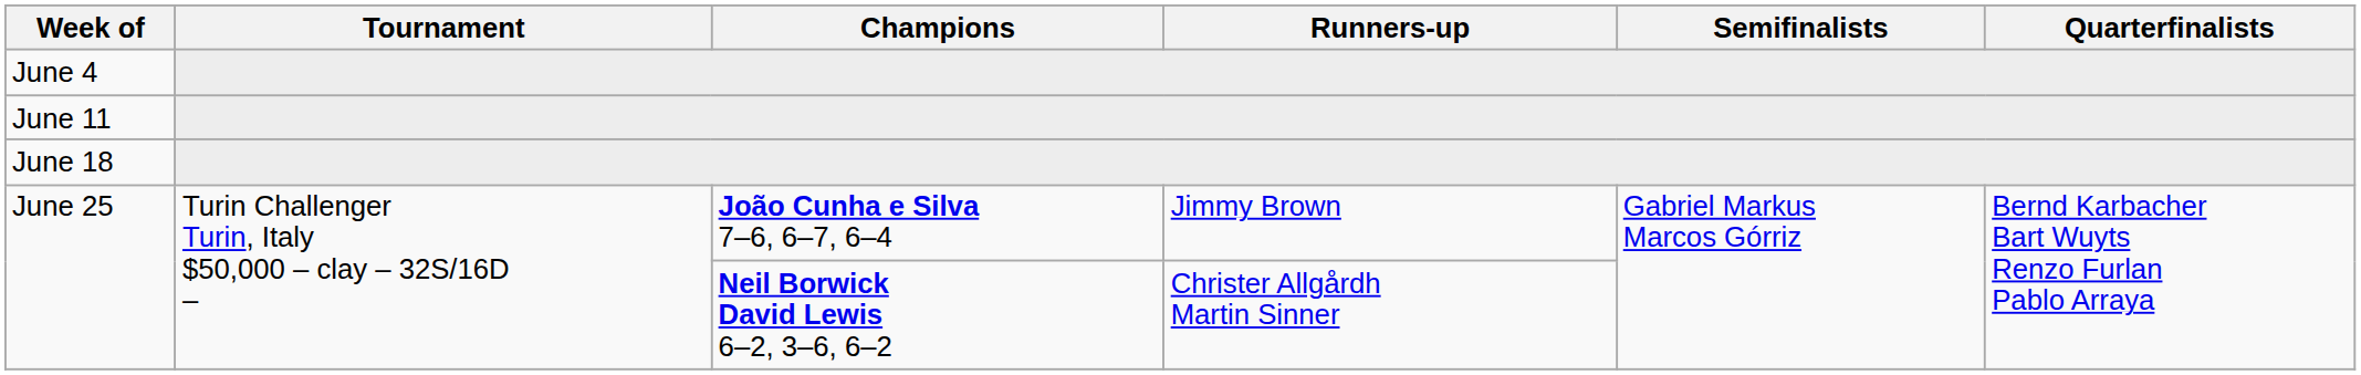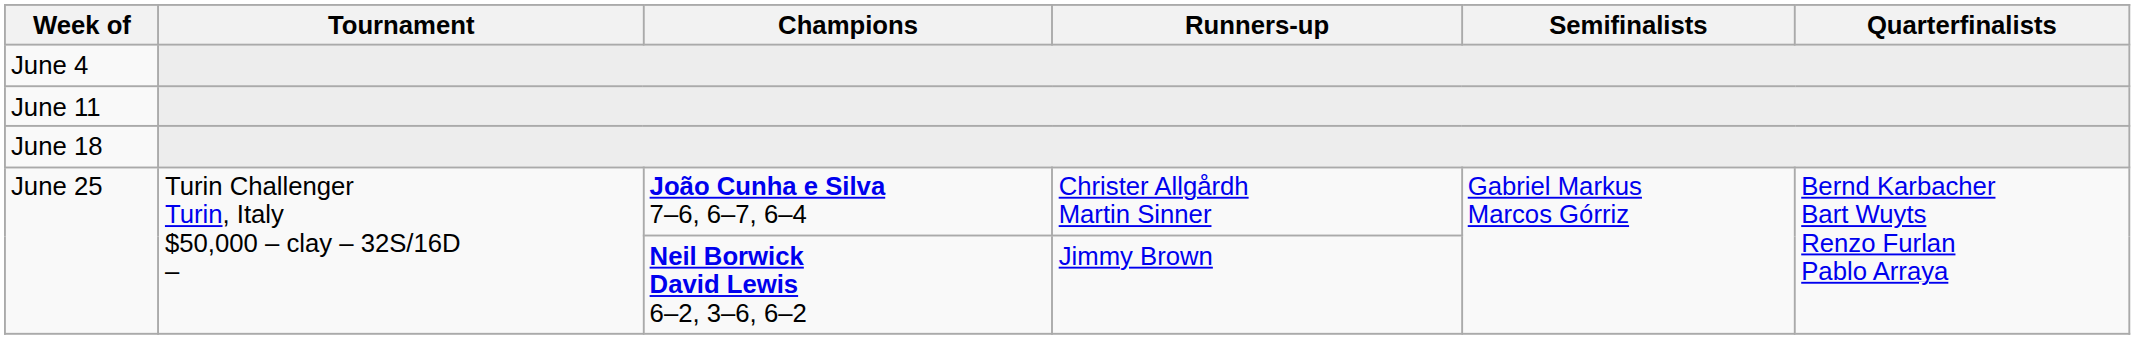 <table class="wikitable" style="font-size:85%;">
 <tr>
 <th width="75">Week of</th>
 <th width="250">Tournament</th>
 <th width="210">Champions</th>
 <th width="210">Runners-up</th>
 <th width="170">Semifinalists</th>
 <th width="170">Quarterfinalists</th>
 </tr>
 <tr valign="top">
 <td rowspan="1">June 4</td>
 <td colspan="5" bgcolor="#ededed"></td>
 </tr>
 <tr valign="top">
 <td rowspan="1">June 11</td>
 <td colspan="5" bgcolor="#ededed"></td>
 </tr>
 <tr valign="top">
 <td rowspan="1">June 18</td>
 <td colspan="5" bgcolor="#ededed"></td>
 </tr>
 <tr valign="top">
 <td rowspan="2">June 25</td>
 <td rowspan="2">Turin Challenger<br> <a href='#'>Turin</a>, Italy<br>$50,000 – clay – 32S/16D<br>  – </td>
 <td> <strong><a href='#'>João Cunha e Silva</a></strong> <br>7–6, 6–7, 6–4</td>
-<td> <a href='#'>Jimmy Brown</a></td>
+<td> <a href='#'>Christer Allgårdh</a> <br>  <a href='#'>Martin Sinner</a></td>
 <td rowspan="2"> <a href='#'>Gabriel Markus</a> <br>  <a href='#'>Marcos Górriz</a></td>
 <td rowspan="2"> <a href='#'>Bernd Karbacher</a> <br> <a href='#'>Bart Wuyts</a> <br> <a href='#'>Renzo Furlan</a> <br>  <a href='#'>Pablo Arraya</a></td>
 </tr>
 <tr valign="top">
 <td> <strong><a href='#'>Neil Borwick</a></strong> <br> <strong><a href='#'>David Lewis</a></strong><br> 6–2, 3–6, 6–2</td>
-<td> <a href='#'>Christer Allgårdh</a> <br>  <a href='#'>Martin Sinner</a></td>
+<td> <a href='#'>Jimmy Brown</a></td>
 </tr>
 </table>
